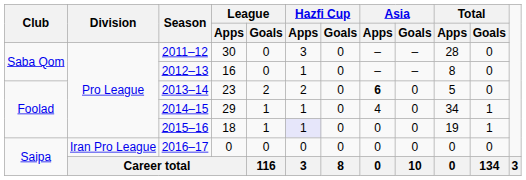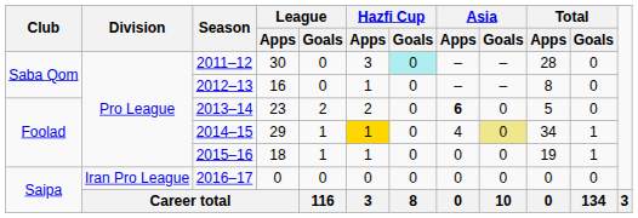 <table class="wikitable" style="text-align: center;">
 <tr>
 <th rowspan="2">Club</th>
 <th rowspan="2">Division</th>
 <th rowspan="2">Season</th>
 <th colspan="2">League</th>
 <th colspan="2"><a href='#'>Hazfi Cup</a></th>
 <th colspan="2"><a href='#'>Asia</a></th>
 <th colspan="2">Total</th>
 </tr>
 <tr>
 <th>Apps</th>
 <th>Goals</th>
 <th>Apps</th>
 <th>Goals</th>
 <th>Apps</th>
 <th>Goals</th>
 <th>Apps</th>
 <th>Goals</th>
 </tr>
 <tr>
 <td rowspan="2"><a href='#'>Saba Qom</a></td>
 <td rowspan="5"><a href='#'>Pro League</a></td>
 <td><a href='#'>2011–12</a></td>
 <td>30</td>
 <td>0</td>
 <td>3</td>
-<td>0</td>
+<td style="background: paleturquoise;">0</td>
 <td>–</td>
 <td>–</td>
 <td>28</td>
 <td>0</td>
 </tr>
 <tr>
 <td><a href='#'>2012–13</a></td>
 <td>16</td>
 <td>0</td>
 <td>1</td>
 <td>0</td>
 <td>–</td>
 <td>–</td>
 <td>8</td>
 <td>0</td>
 </tr>
 <tr>
 <td rowspan="3"><a href='#'>Foolad</a></td>
 <td><a href='#'>2013–14</a></td>
 <td>23</td>
 <td>2</td>
 <td>2</td>
 <td>0</td>
 <td><strong>6</strong></td>
 <td>0</td>
 <td>5</td>
 <td>0</td>
 </tr>
 <tr>
 <td><a href='#'>2014–15</a></td>
 <td>29</td>
 <td>1</td>
-<td>1</td>
+<td style="background: gold;">1</td>
 <td>0</td>
 <td>4</td>
-<td>0</td>
+<td style="background: khaki;">0</td>
 <td>34</td>
 <td>1</td>
 </tr>
 <tr>
 <td><a href='#'>2015–16</a></td>
 <td>18</td>
 <td>1</td>
-<td style="background: lavender;">1</td>
+<td>1</td>
 <td>0</td>
 <td>0</td>
 <td>0</td>
 <td>19</td>
 <td>1</td>
 </tr>
 <tr>
 <td rowspan="3"><a href='#'>Saipa</a></td>
 <td><a href='#'>Iran Pro League</a></td>
 <td><a href='#'>2016–17</a></td>
 <td>0</td>
 <td>0</td>
 <td>0</td>
 <td>0</td>
 <td>0</td>
 <td>0</td>
 <td>0</td>
 <td>0</td>
 </tr>
 <tr>
 <th colspan=3>Career total</th>
 <th>116</th>
 <th>3</th>
 <th>8</th>
 <th>0</th>
 <th>10</th>
 <th>0</th>
 <th>134</th>
 <th>3</th>
 </tr>
 </table>
